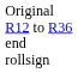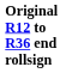 <table width="80">
 <tr>
 <td></td>
 </tr>
 <tr>
-<td><div>Original <a href='#'>R12</a> to <a href='#'>R36</a> end rollsign</div></td>
+<td><strong><div>Original <a href='#'>R12</a> to <a href='#'>R36</a> end rollsign</div></strong></td>
 </tr>
 </table>
